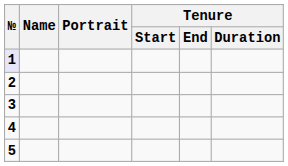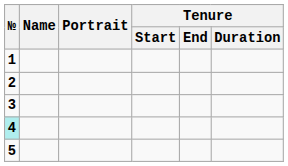 <table class="wikitable" style="text-align:center;">
 <tr>
 <th rowspan="2">№</th>
 <th rowspan="2">Name<br></th>
 <th rowspan="2">Portrait</th>
 <th colspan="3">Tenure</th>
 </tr>
 <tr>
 <th>Start</th>
 <th>End</th>
 <th>Duration</th>
 </tr>
 <tr>
-<td style="background: lavender;"><strong>1</strong></td>
+<td><strong>1</strong></td>
 <td><strong></strong><br></td>
 <td></td>
 <td></td>
 <td></td>
 <td></td>
 </tr>
 <tr>
 <td><strong>2</strong></td>
 <td><strong></strong><br></td>
 <td></td>
 <td></td>
 <td></td>
 <td></td>
 </tr>
 <tr>
 <td><strong>3</strong></td>
 <td><strong></strong><br></td>
 <td></td>
 <td></td>
 <td></td>
 <td></td>
 </tr>
 <tr>
-<td><strong>4</strong></td>
+<td style="background: paleturquoise;"><strong>4</strong></td>
 <td><strong></strong><br></td>
 <td></td>
 <td></td>
 <td></td>
 <td></td>
 </tr>
 <tr>
 <td><strong>5</strong></td>
 <td><strong></strong><br></td>
 <td></td>
 <td></td>
 <td></td>
 <td></td>
 </tr>
 </table>
